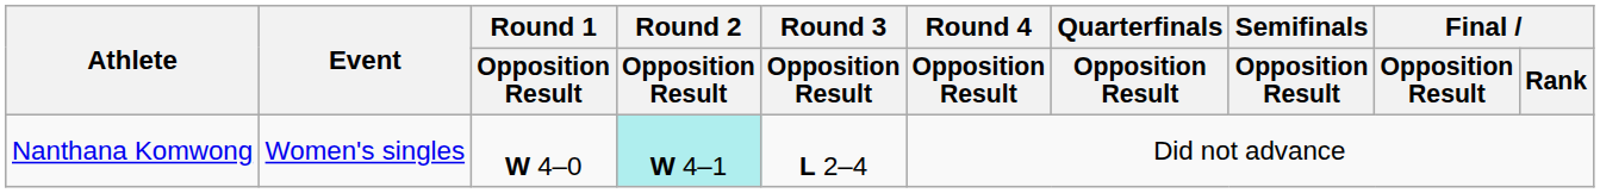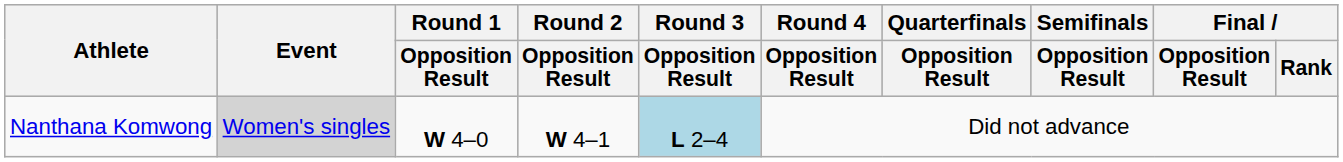 <table class="wikitable" style="font-size:90%">
 <tr>
 <th rowspan="2">Athlete</th>
 <th rowspan="2">Event</th>
 <th>Round 1</th>
 <th>Round 2</th>
 <th>Round 3</th>
 <th>Round 4</th>
 <th>Quarterfinals</th>
 <th>Semifinals</th>
 <th colspan=2>Final / </th>
 </tr>
 <tr style="font-size:95%">
 <th>Opposition<br>Result</th>
 <th>Opposition<br>Result</th>
 <th>Opposition<br>Result</th>
 <th>Opposition<br>Result</th>
 <th>Opposition<br>Result</th>
 <th>Opposition<br>Result</th>
 <th>Opposition<br>Result</th>
 <th>Rank</th>
 </tr>
 <tr align=center>
 <td align=left><a href='#'>Nanthana Komwong</a></td>
-<td align=left><a href='#'>Women's singles</a></td>
+<td align=left style="background: lightgrey;"><a href='#'>Women's singles</a></td>
 <td><br><strong>W</strong> 4–0</td>
-<td style="background: paleturquoise;"><br><strong>W</strong> 4–1</td>
-<td><br><strong>L</strong> 2–4</td>
+<td><br><strong>W</strong> 4–1</td>
+<td style="background: lightblue;"><br><strong>L</strong> 2–4</td>
 <td colspan=5>Did not advance</td>
 </tr>
 </table>
